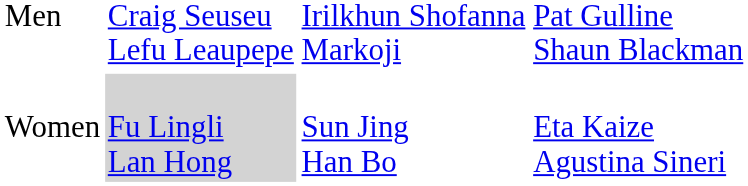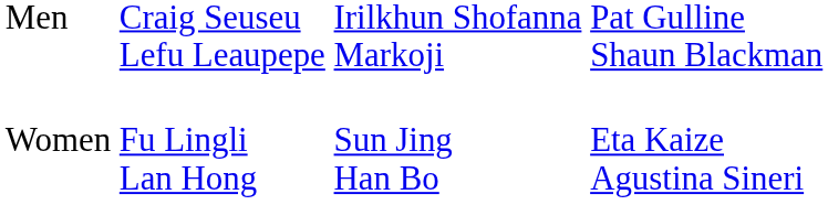 <table>
 <tr>
 <td>Men</td>
 <td><br><a href='#'>Craig Seuseu</a><br><a href='#'>Lefu Leaupepe</a></td>
 <td><br><a href='#'>Irilkhun Shofanna</a><br><a href='#'>Markoji</a></td>
 <td><br><a href='#'>Pat Gulline</a><br><a href='#'>Shaun Blackman</a></td>
 </tr>
 <tr>
 <td>Women</td>
-<td style="background: lightgrey;"><br><a href='#'>Fu Lingli</a><br><a href='#'>Lan Hong</a></td>
+<td><br><a href='#'>Fu Lingli</a><br><a href='#'>Lan Hong</a></td>
 <td><br><a href='#'>Sun Jing</a><br><a href='#'>Han Bo</a></td>
 <td><br><a href='#'>Eta Kaize</a><br><a href='#'>Agustina Sineri</a></td>
 </tr>
 </table>
